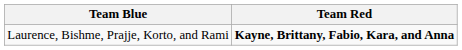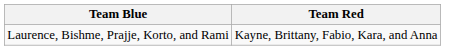 <table class="wikitable">
 <tr>
 <th>Team Blue</th>
 <th>Team Red</th>
 </tr>
 <tr>
 <td>Laurence, Bishme, Prajje, Korto, and Rami</td>
-<td><strong>Kayne, Brittany, Fabio, Kara, and Anna</strong></td>
+<td>Kayne, Brittany, Fabio, Kara, and Anna</td>
 </tr>
 </table>
